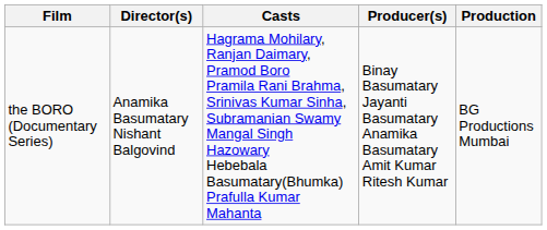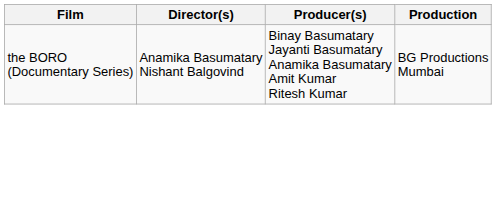 <table class="wikitable">
 <tr>
 <th>Film</th>
 <th>Director(s)</th>
-<th>Casts</th>
 <th>Producer(s)</th>
 <th>Production</th>
 </tr>
 <tr>
 <td>the BORO<br>(Documentary Series)</td>
 <td>Anamika Basumatary<br>Nishant Balgovind</td>
-<td><a href='#'>Hagrama Mohilary</a>,<br><a href='#'>Ranjan Daimary</a>, <a href='#'>Pramod Boro</a><br><a href='#'>Pramila Rani Brahma</a>,<br><a href='#'>Srinivas Kumar Sinha</a>,<br><a href='#'>Subramanian Swamy</a><br><a href='#'>Mangal Singh Hazowary</a><br>Hebebala Basumatary(Bhumka)<br><a href='#'>Prafulla Kumar Mahanta</a></td>
 <td>Binay Basumatary<br>Jayanti Basumatary<br>Anamika Basumatary<br>Amit Kumar<br>Ritesh Kumar</td>
 <td>BG Productions<br>Mumbai</td>
 </tr>
 </table>
